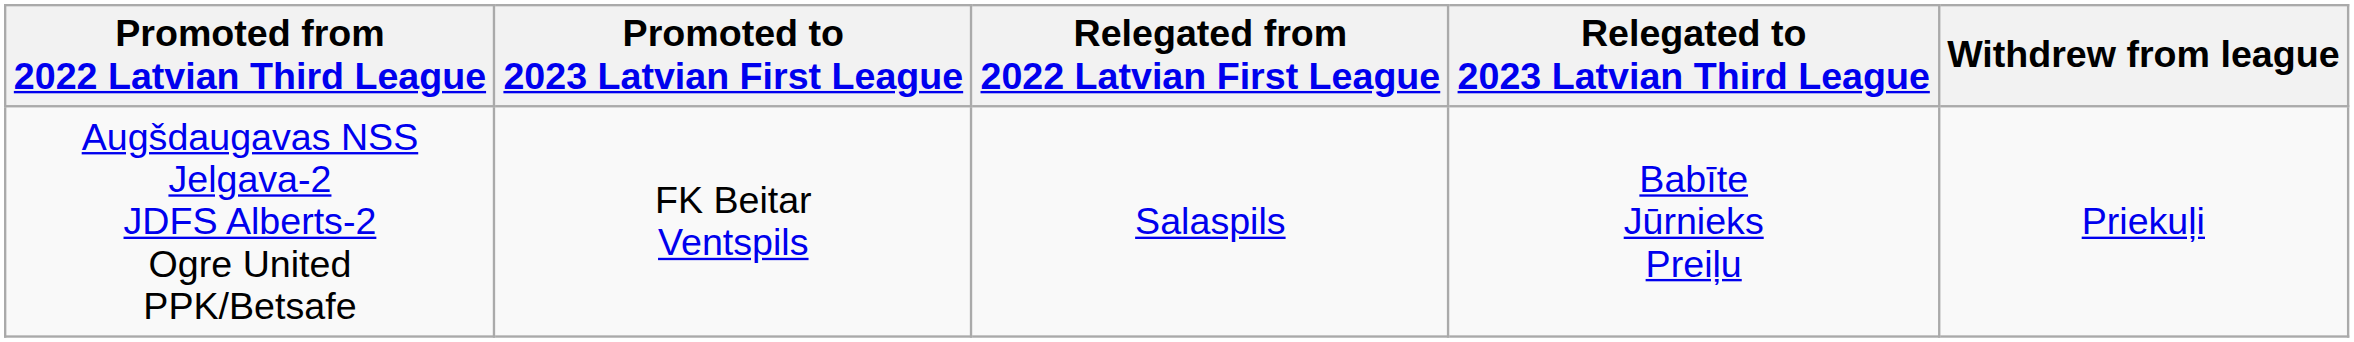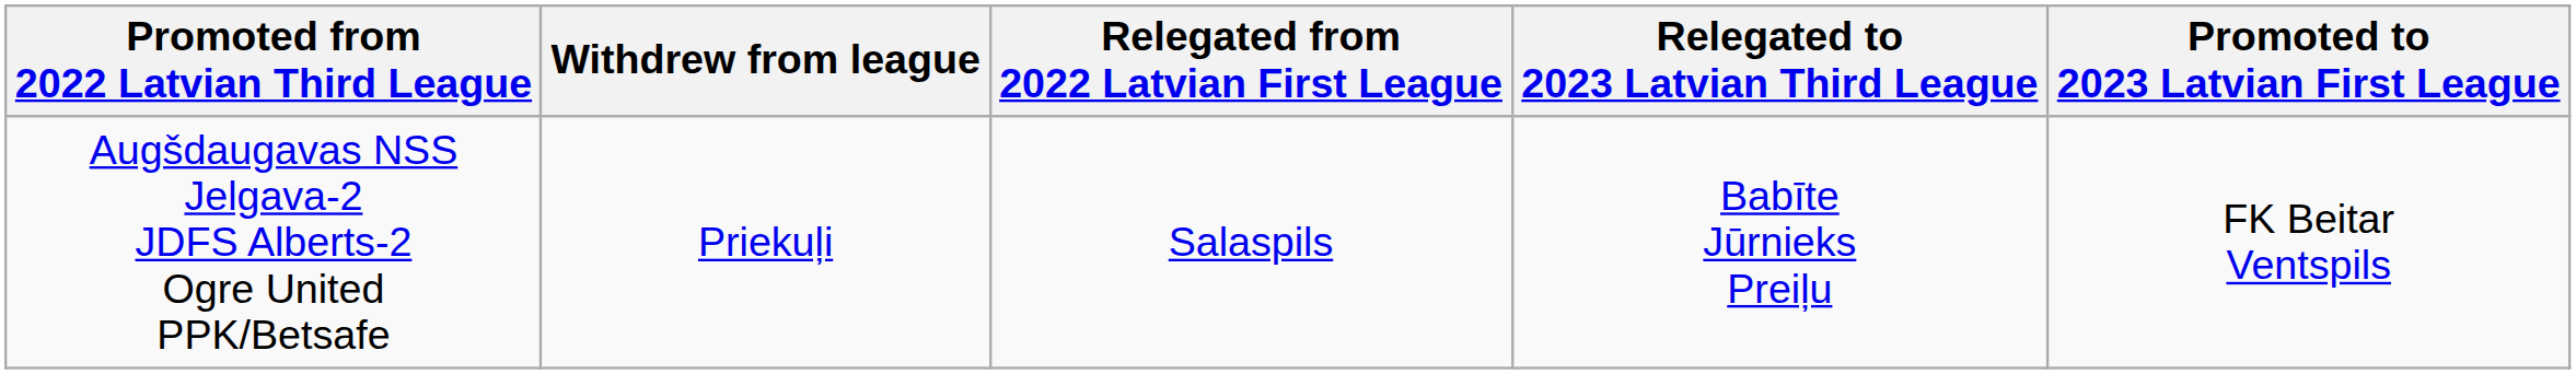 <table class="wikitable">
 <tr>
 <th>Promoted from<br><a href='#'>2022 Latvian Third League</a></th>
-<th>Promoted to<br><a href='#'>2023 Latvian First League</a></th>
+<th>Withdrew from league</th>
 <th>Relegated from<br><a href='#'>2022 Latvian First League</a></th>
 <th>Relegated to<br><a href='#'>2023 Latvian Third League</a></th>
-<th>Withdrew from league</th>
+<th>Promoted to<br><a href='#'>2023 Latvian First League</a></th>
 </tr>
 <tr>
 <td align=center><a href='#'>Augšdaugavas NSS</a><br><a href='#'>Jelgava-2</a><br><a href='#'>JDFS Alberts-2</a><br>Ogre United<br>PPK/Betsafe</td>
-<td align=center>FK Beitar<br><a href='#'>Ventspils</a></td>
+<td align=center><a href='#'>Priekuļi</a></td>
 <td align=center><a href='#'>Salaspils</a></td>
 <td align=center><a href='#'>Babīte</a><br><a href='#'>Jūrnieks</a><br><a href='#'>Preiļu</a></td>
-<td align=center><a href='#'>Priekuļi</a></td>
+<td align=center>FK Beitar<br><a href='#'>Ventspils</a></td>
 </tr>
 </table>
